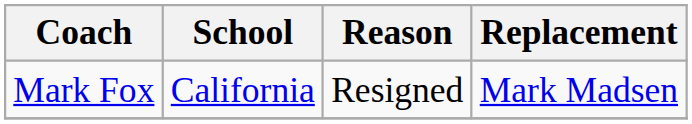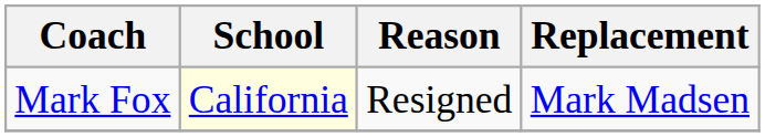 <table class="wikitable">
 <tr>
 <th>Coach</th>
 <th>School</th>
 <th>Reason</th>
 <th>Replacement</th>
 </tr>
 <tr>
 <td><a href='#'>Mark Fox</a></td>
-<td><a href='#'>California</a></td>
+<td style="background: lightyellow;"><a href='#'>California</a></td>
 <td>Resigned</td>
 <td><a href='#'>Mark Madsen</a></td>
 </tr>
 <tr>
 </tr>
 </table>
